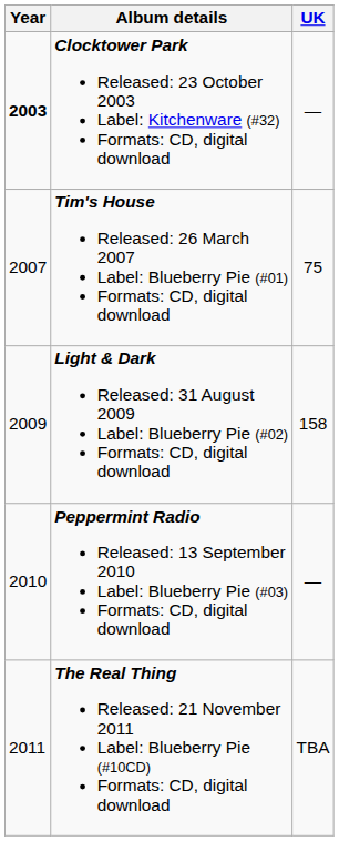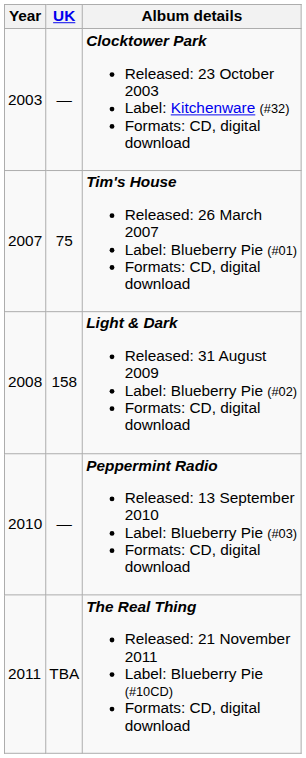 <table class="wikitable">
 <tr>
 <th>Year</th>
+<th><a href='#'>UK</a></th>
 <th style="width:220px;">Album details</th>
-<th><a href='#'>UK</a></th>
 </tr>
 <tr>
-<td><strong>2003</strong></td>
+<td>2003</td>
+<td style="text-align:center;">—</td>
 <td><strong><em>Clocktower Park</em></strong><br><ul><li>Released: 23 October 2003</li><li>Label: <a href='#'>Kitchenware</a> <small>(#32)</small></li><li>Formats: CD, digital download</li></ul></td>
-<td style="text-align:center;">—</td>
 </tr>
 <tr>
 <td>2007</td>
+<td style="text-align:center;">75</td>
 <td><strong><em>Tim's House</em></strong><br><ul><li>Released: 26 March 2007</li><li>Label: Blueberry Pie <small>(#01)</small></li><li>Formats: CD, digital download</li></ul></td>
-<td style="text-align:center;">75</td>
 </tr>
 <tr>
-<td>2009</td>
+<td>2008</td>
+<td style="text-align:center;">158</td>
 <td><strong><em>Light & Dark</em></strong><br><ul><li>Released: 31 August 2009</li><li>Label: Blueberry Pie <small>(#02)</small></li><li>Formats: CD, digital download</li></ul></td>
-<td style="text-align:center;">158</td>
 </tr>
 <tr>
 <td>2010</td>
+<td style="text-align:center;">—</td>
 <td><strong><em>Peppermint Radio</em></strong><br><ul><li>Released: 13 September 2010</li><li>Label: Blueberry Pie <small>(#03)</small></li><li>Formats: CD, digital download</li></ul></td>
-<td style="text-align:center;">—</td>
 </tr>
 <tr>
 <td>2011</td>
+<td style="text-align:center;">TBA</td>
 <td><strong><em>The Real Thing</em></strong><br><ul><li>Released: 21 November 2011</li><li>Label: Blueberry Pie <small>(#10CD)</small></li><li>Formats: CD, digital download</li></ul></td>
-<td style="text-align:center;">TBA</td>
 </tr>
 </table>
